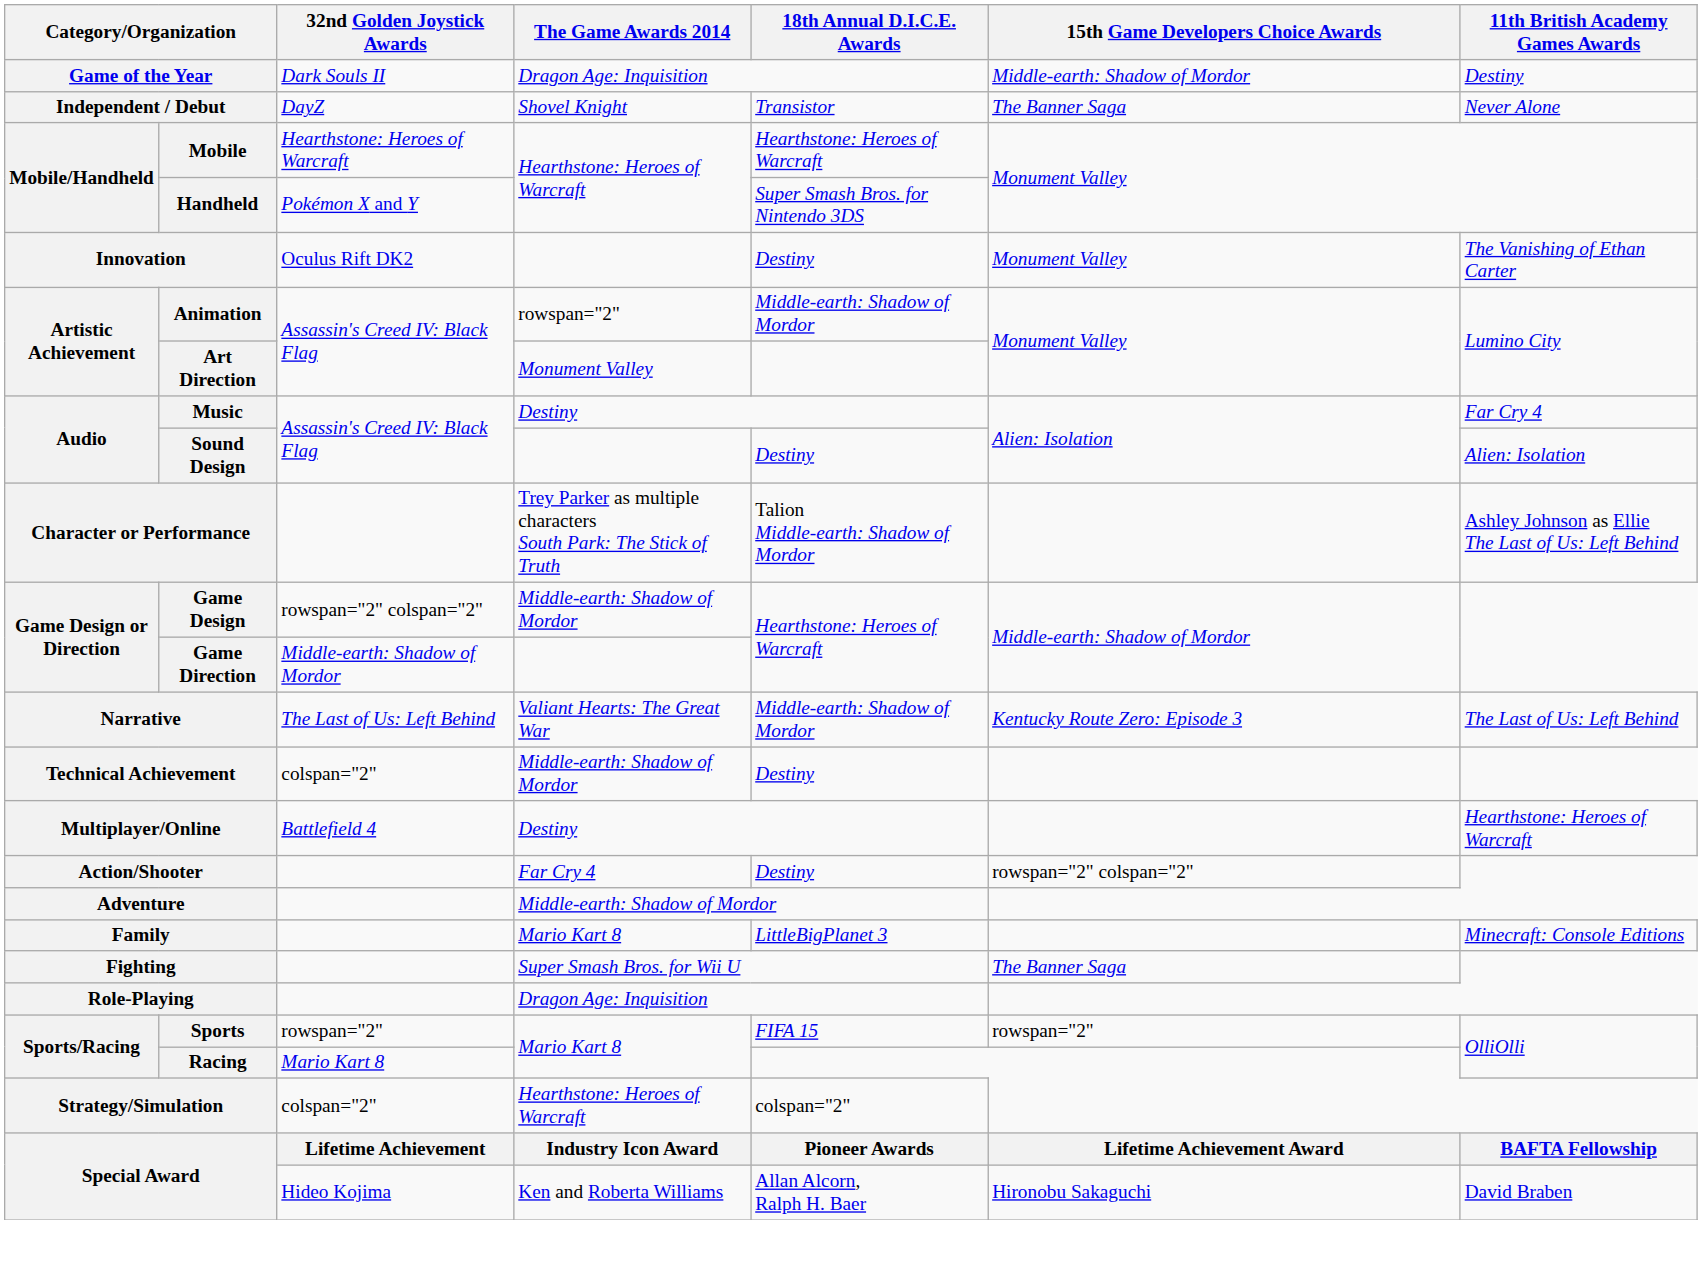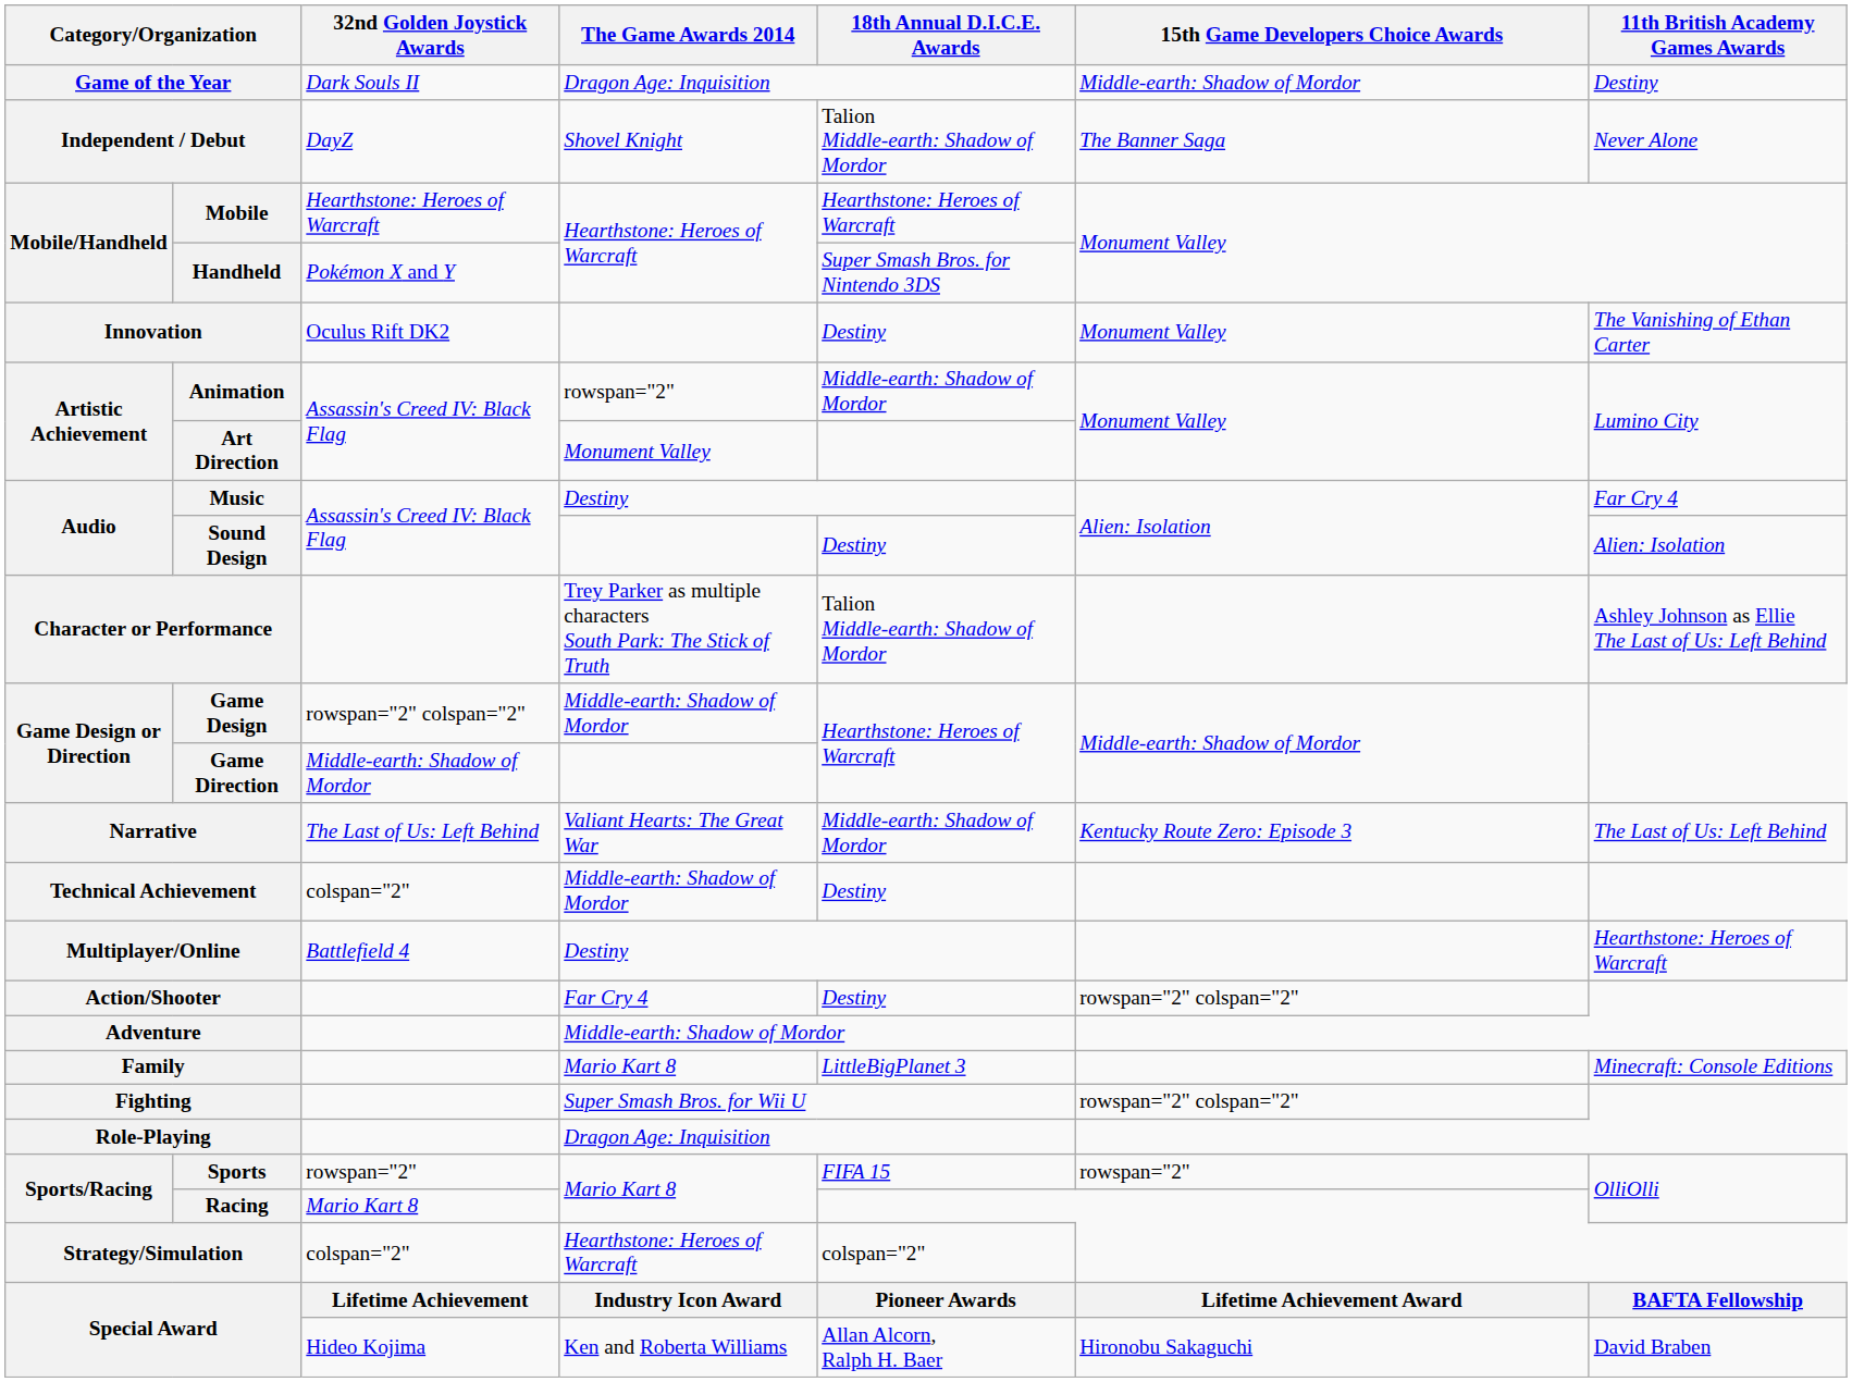 <table class="wikitable" style="border:none; margin:0; width:100%; font-size: 90%;">
 <tr>
 <th colspan="2" style="width:16%;">Category/Organization</th>
 <th style="width:14%">32nd <a href='#'>Golden Joystick Awards</a><br></th>
 <th style="width:14%;"><a href='#'>The Game Awards 2014</a><br></th>
 <th style="width:14%;"><a href='#'>18th Annual D.I.C.E. Awards</a><br></th>
 <th>15th <a href='#'>Game Developers Choice Awards</a><br></th>
 <th style="width:14%;"><a href='#'>11th British Academy Games Awards</a><br></th>
 </tr>
 <tr>
 <th scope="row" colspan="2"><a href='#'>Game of the Year</a></th>
 <td><em><a href='#'>Dark Souls II</a></em></td>
 <td colspan="2"><em><a href='#'>Dragon Age: Inquisition</a></em></td>
 <td><em><a href='#'>Middle-earth: Shadow of Mordor</a></em></td>
 <td><em><a href='#'>Destiny</a></em></td>
 </tr>
 <tr>
 <th scope="row" colspan="2" style="width:9%;">Independent / Debut</th>
 <td><em><a href='#'>DayZ</a></em></td>
 <td><em><a href='#'>Shovel Knight</a></em></td>
-<td><em><a href='#'>Transistor</a></em></td>
+<td>Talion<br><em><a href='#'>Middle-earth: Shadow of Mordor</a></em></td>
 <td><em><a href='#'>The Banner Saga</a></em></td>
 <td><em><a href='#'>Never Alone</a></em></td>
 </tr>
 <tr>
 <th scope="row" rowspan="2" style="width:9%;">Mobile/Handheld</th>
 <th>Mobile</th>
 <td><em><a href='#'>Hearthstone: Heroes of Warcraft</a></em></td>
 <td rowspan="2"><em><a href='#'>Hearthstone: Heroes of Warcraft</a></em></td>
 <td><em><a href='#'>Hearthstone: Heroes of Warcraft</a></em></td>
 <td rowspan = "2" colspan="2"><em><a href='#'>Monument Valley</a></em></td>
 </tr>
 <tr>
 <th scope="row">Handheld</th>
 <td><a href='#'><em>Pokémon X</em> and <em>Y</em></a></td>
 <td><em><a href='#'>Super Smash Bros. for Nintendo 3DS</a></em></td>
 </tr>
 <tr>
 <th scope="row" colspan="2" style="width:9%;">Innovation</th>
 <td><a href='#'>Oculus Rift DK2</a></td>
 <td></td>
 <td><em><a href='#'>Destiny</a></em></td>
 <td><em><a href='#'>Monument Valley</a></em></td>
 <td><em><a href='#'>The Vanishing of Ethan Carter</a></em></td>
 </tr>
 <tr>
 <th scope="row" rowspan="2" style="width:9%;">Artistic Achievement</th>
 <th>Animation</th>
 <td rowspan="2"><em><a href='#'>Assassin's Creed IV: Black Flag</a></em></td>
 <td>rowspan="2" </td>
 <td><em><a href='#'>Middle-earth: Shadow of Mordor</a></em></td>
 <td rowspan="2"><em><a href='#'>Monument Valley</a></em></td>
 <td rowspan="2"><em><a href='#'>Lumino City</a></em></td>
 </tr>
 <tr>
 <th scope="row">Art Direction</th>
 <td><em><a href='#'>Monument Valley</a></em></td>
 </tr>
 <tr>
 <th scope="row" rowspan="2" style="width:9%;">Audio</th>
 <th>Music</th>
 <td rowspan="2"><em><a href='#'>Assassin's Creed IV: Black Flag</a></em></td>
 <td colspan="2"><em><a href='#'>Destiny</a></em></td>
 <td rowspan="2"><em><a href='#'>Alien: Isolation</a></em></td>
 <td><em><a href='#'>Far Cry 4</a></em></td>
 </tr>
 <tr>
 <th scope="row">Sound Design</th>
 <td></td>
 <td><em><a href='#'>Destiny</a></em></td>
 <td><em><a href='#'>Alien: Isolation</a></em></td>
 </tr>
 <tr>
 <th scope="row" colspan="2">Character or Performance</th>
 <td></td>
 <td><a href='#'>Trey Parker</a> as multiple characters<br><em><a href='#'>South Park: The Stick of Truth</a></em></td>
 <td>Talion<br><em><a href='#'>Middle-earth: Shadow of Mordor</a></em></td>
 <td></td>
 <td><a href='#'>Ashley Johnson</a> as <a href='#'>Ellie</a><br><em><a href='#'>The Last of Us: Left Behind</a></em></td>
 </tr>
 <tr>
 <th scope="row" rowspan="2" style="width:9%;">Game Design or Direction</th>
 <th>Game Design</th>
 <td>rowspan="2" colspan="2" </td>
 <td><em><a href='#'>Middle-earth: Shadow of Mordor</a></em></td>
 <td rowspan="2"><em><a href='#'>Hearthstone: Heroes of Warcraft</a></em></td>
 <td rowspan="2"><em><a href='#'>Middle-earth: Shadow of Mordor</a></em></td>
 </tr>
 <tr>
 <th scope="row">Game Direction</th>
 <td><em><a href='#'>Middle-earth: Shadow of Mordor</a></em></td>
 </tr>
 <tr>
 <th scope="row" colspan="2">Narrative</th>
 <td><em><a href='#'>The Last of Us: Left Behind</a></em></td>
 <td><em><a href='#'>Valiant Hearts: The Great War</a></em></td>
 <td><em><a href='#'>Middle-earth: Shadow of Mordor</a></em></td>
 <td><em><a href='#'>Kentucky Route Zero: Episode 3</a></em></td>
 <td><em><a href='#'>The Last of Us: Left Behind</a></em></td>
 </tr>
 <tr>
 <th scope="row" colspan="2">Technical Achievement</th>
 <td>colspan="2" </td>
 <td><em><a href='#'>Middle-earth: Shadow of Mordor</a></em></td>
 <td><em><a href='#'>Destiny</a></em></td>
 <td></td>
 </tr>
 <tr>
 <th scope="row" colspan="2">Multiplayer/Online</th>
 <td><em><a href='#'>Battlefield 4</a></em></td>
 <td colspan="2"><em><a href='#'>Destiny</a></em></td>
 <td></td>
 <td><em><a href='#'>Hearthstone: Heroes of Warcraft</a></em></td>
 </tr>
 <tr>
 <th scope="row" colspan="2">Action/Shooter</th>
 <td></td>
 <td><em><a href='#'>Far Cry 4</a></em></td>
 <td><em><a href='#'>Destiny</a></em></td>
 <td>rowspan="2" colspan="2" </td>
 </tr>
 <tr>
 <th scope="row" colspan="2">Adventure</th>
 <td></td>
 <td colspan="2"><em><a href='#'>Middle-earth: Shadow of Mordor</a></em></td>
 </tr>
 <tr>
 <th scope="row" colspan="2">Family</th>
 <td></td>
 <td><em><a href='#'>Mario Kart 8</a></em></td>
 <td><em><a href='#'>LittleBigPlanet 3</a></em></td>
 <td></td>
 <td><em><a href='#'>Minecraft: Console Editions</a></em></td>
 </tr>
 <tr>
 <th scope="row" colspan="2">Fighting</th>
 <td></td>
 <td colspan="2"><em><a href='#'>Super Smash Bros. for Wii U</a></em></td>
-<td><em><a href='#'>The Banner Saga</a></em></td>
+<td>rowspan="2" colspan="2" </td>
 </tr>
 <tr>
 <th scope="row" colspan="2">Role-Playing</th>
 <td></td>
 <td colspan="2"><em><a href='#'>Dragon Age: Inquisition</a></em></td>
 </tr>
 <tr>
 <th scope="row" rowspan="2">Sports/Racing</th>
 <th>Sports</th>
 <td>rowspan="2" </td>
 <td rowspan="2"><em><a href='#'>Mario Kart 8</a></em></td>
 <td><em><a href='#'>FIFA 15</a></em></td>
 <td>rowspan="2" </td>
 <td rowspan="2"><em><a href='#'>OlliOlli</a></em></td>
 </tr>
 <tr>
 <th>Racing</th>
 <td><em><a href='#'>Mario Kart 8</a></em></td>
 </tr>
 <tr>
 <th scope="row" colspan="2">Strategy/Simulation</th>
 <td>colspan="2" </td>
 <td><em><a href='#'>Hearthstone: Heroes of Warcraft</a></em></td>
 <td>colspan="2" </td>
 </tr>
 <tr>
 <th scope="row" colspan="2" rowspan="2">Special Award</th>
 <th>Lifetime Achievement</th>
 <th>Industry Icon Award</th>
 <th>Pioneer Awards</th>
 <th>Lifetime Achievement Award</th>
 <th><a href='#'>BAFTA Fellowship</a></th>
 </tr>
 <tr>
 <td><a href='#'>Hideo Kojima</a></td>
 <td><a href='#'>Ken</a> and <a href='#'>Roberta Williams</a></td>
 <td><a href='#'>Allan Alcorn</a>,<br><a href='#'>Ralph H. Baer</a></td>
 <td><a href='#'>Hironobu Sakaguchi</a></td>
 <td><a href='#'>David Braben</a></td>
 </tr>
 </table>
